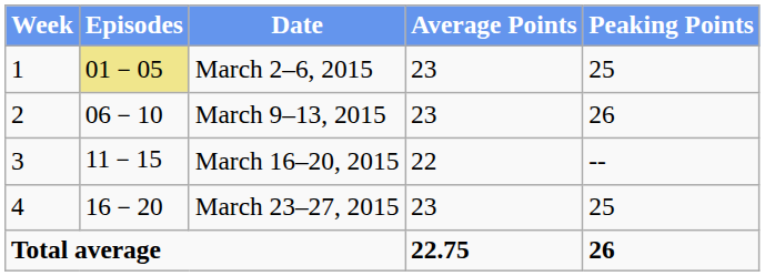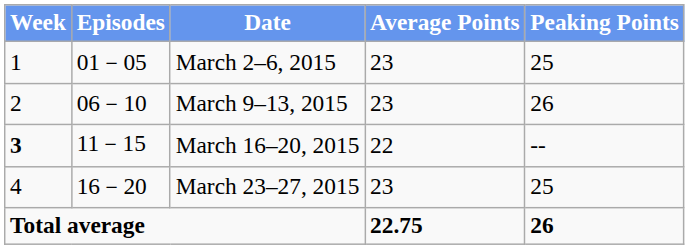 <table class="wikitable">
 <tr style="background:cornflowerblue; color:white" align="center">
 <td><strong>Week</strong></td>
 <td><strong>Episodes</strong></td>
 <td><strong>Date</strong></td>
 <td><strong>Average Points</strong></td>
 <td><strong>Peaking Points</strong></td>
 </tr>
 <tr>
 <td>1</td>
-<td style="background: khaki;">01－05</td>
+<td>01－05</td>
 <td>March 2–6, 2015</td>
 <td>23</td>
 <td>25</td>
 </tr>
 <tr>
 <td>2</td>
 <td>06－10</td>
 <td>March 9–13, 2015</td>
 <td>23</td>
 <td>26</td>
 </tr>
 <tr>
-<td>3</td>
+<td><strong>3</strong></td>
 <td>11－15</td>
 <td>March 16–20, 2015</td>
 <td>22</td>
 <td>--</td>
 </tr>
 <tr>
 <td>4</td>
 <td>16－20</td>
 <td>March 23–27, 2015</td>
 <td>23</td>
 <td>25</td>
 </tr>
 <tr>
 <td colspan="3"><strong>Total average</strong></td>
 <td><strong>22.75</strong></td>
 <td><strong>26</strong></td>
 </tr>
 </table>
